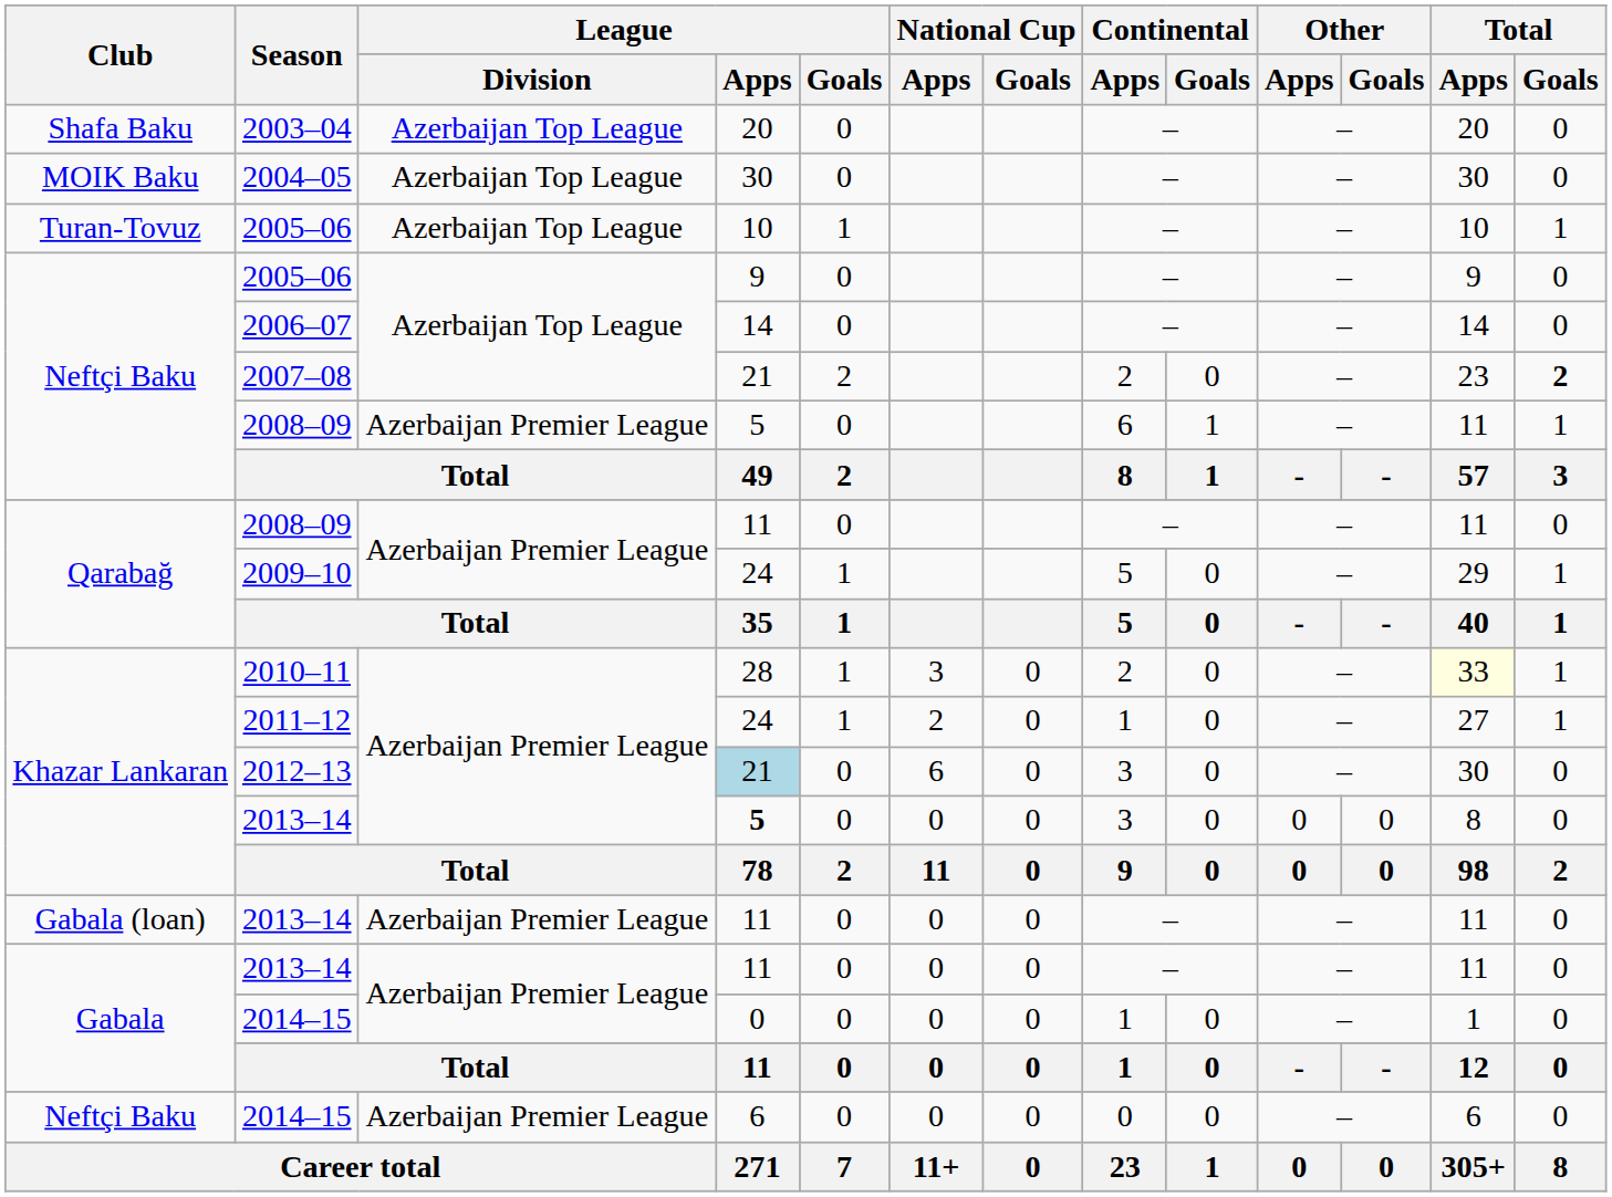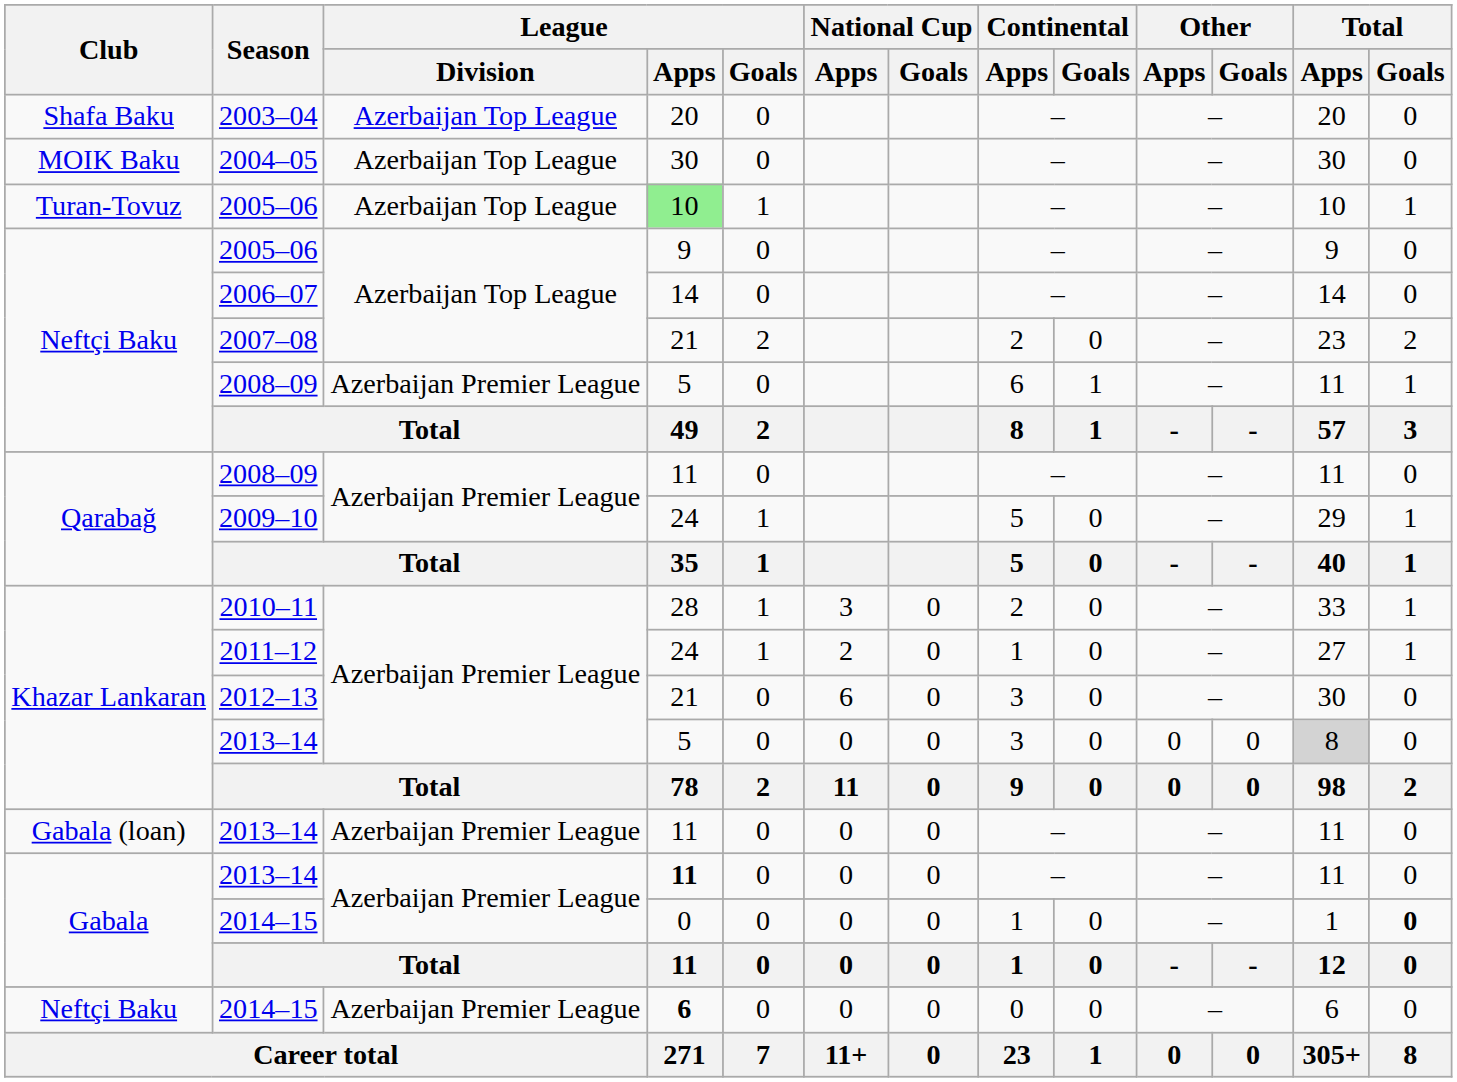 <table class="wikitable" style="text-align: center">
 <tr>
 <th rowspan="2">Club</th>
 <th rowspan="2">Season</th>
 <th colspan="3">League</th>
 <th colspan="2">National Cup</th>
 <th colspan="2">Continental</th>
 <th colspan="2">Other</th>
 <th colspan="2">Total</th>
 </tr>
 <tr>
 <th>Division</th>
 <th>Apps</th>
 <th>Goals</th>
 <th>Apps</th>
 <th>Goals</th>
 <th>Apps</th>
 <th>Goals</th>
 <th>Apps</th>
 <th>Goals</th>
 <th>Apps</th>
 <th>Goals</th>
 </tr>
 <tr>
 <td><a href='#'>Shafa Baku</a></td>
 <td><a href='#'>2003–04</a></td>
 <td><a href='#'>Azerbaijan Top League</a></td>
 <td>20</td>
 <td>0</td>
 <td></td>
 <td></td>
 <td colspan="2">–</td>
 <td colspan="2">–</td>
 <td>20</td>
 <td>0</td>
 </tr>
 <tr>
 <td><a href='#'>MOIK Baku</a></td>
 <td><a href='#'>2004–05</a></td>
 <td>Azerbaijan Top League</td>
 <td>30</td>
 <td>0</td>
 <td></td>
 <td></td>
 <td colspan="2">–</td>
 <td colspan="2">–</td>
 <td>30</td>
 <td>0</td>
 </tr>
 <tr>
 <td><a href='#'>Turan-Tovuz</a></td>
 <td><a href='#'>2005–06</a></td>
 <td>Azerbaijan Top League</td>
-<td>10</td>
+<td style="background: lightgreen;">10</td>
 <td>1</td>
 <td></td>
 <td></td>
 <td colspan="2">–</td>
 <td colspan="2">–</td>
 <td>10</td>
 <td>1</td>
 </tr>
 <tr>
 <td rowspan="5"><a href='#'>Neftçi Baku</a></td>
 <td><a href='#'>2005–06</a></td>
 <td rowspan="3">Azerbaijan Top League</td>
 <td>9</td>
 <td>0</td>
 <td></td>
 <td></td>
 <td colspan="2">–</td>
 <td colspan="2">–</td>
 <td>9</td>
 <td>0</td>
 </tr>
 <tr>
 <td><a href='#'>2006–07</a></td>
 <td>14</td>
 <td>0</td>
 <td></td>
 <td></td>
 <td colspan="2">–</td>
 <td colspan="2">–</td>
 <td>14</td>
 <td>0</td>
 </tr>
 <tr>
 <td><a href='#'>2007–08</a></td>
 <td>21</td>
 <td>2</td>
 <td></td>
 <td></td>
 <td>2</td>
 <td>0</td>
 <td colspan="2">–</td>
 <td>23</td>
-<td><strong>2</strong></td>
+<td>2</td>
 </tr>
 <tr>
 <td><a href='#'>2008–09</a></td>
 <td rowspan="1">Azerbaijan Premier League</td>
 <td>5</td>
 <td>0</td>
 <td></td>
 <td></td>
 <td>6</td>
 <td>1</td>
 <td colspan="2">–</td>
 <td>11</td>
 <td>1</td>
 </tr>
 <tr>
 <th colspan="2">Total</th>
 <th>49</th>
 <th>2</th>
 <th></th>
 <th></th>
 <th>8</th>
 <th>1</th>
 <th>-</th>
 <th>-</th>
 <th>57</th>
 <th>3</th>
 </tr>
 <tr>
 <td rowspan="3"><a href='#'>Qarabağ</a></td>
 <td><a href='#'>2008–09</a></td>
 <td rowspan="2">Azerbaijan Premier League</td>
 <td>11</td>
 <td>0</td>
 <td></td>
 <td></td>
 <td colspan="2">–</td>
 <td colspan="2">–</td>
 <td>11</td>
 <td>0</td>
 </tr>
 <tr>
 <td><a href='#'>2009–10</a></td>
 <td>24</td>
 <td>1</td>
 <td></td>
 <td></td>
 <td>5</td>
 <td>0</td>
 <td colspan="2">–</td>
 <td>29</td>
 <td>1</td>
 </tr>
 <tr>
 <th colspan="2">Total</th>
 <th>35</th>
 <th>1</th>
 <th></th>
 <th></th>
 <th>5</th>
 <th>0</th>
 <th>-</th>
 <th>-</th>
 <th>40</th>
 <th>1</th>
 </tr>
 <tr>
 <td rowspan="5"><a href='#'>Khazar Lankaran</a></td>
 <td><a href='#'>2010–11</a></td>
 <td rowspan="4">Azerbaijan Premier League</td>
 <td>28</td>
 <td>1</td>
 <td>3</td>
 <td>0</td>
 <td>2</td>
 <td>0</td>
 <td colspan="2">–</td>
-<td style="background: lightyellow;">33</td>
+<td>33</td>
 <td>1</td>
 </tr>
 <tr>
 <td><a href='#'>2011–12</a></td>
 <td>24</td>
 <td>1</td>
 <td>2</td>
 <td>0</td>
 <td>1</td>
 <td>0</td>
 <td colspan="2">–</td>
 <td>27</td>
 <td>1</td>
 </tr>
 <tr>
 <td><a href='#'>2012–13</a></td>
-<td style="background: lightblue;">21</td>
+<td>21</td>
 <td>0</td>
 <td>6</td>
 <td>0</td>
 <td>3</td>
 <td>0</td>
 <td colspan="2">–</td>
 <td>30</td>
 <td>0</td>
 </tr>
 <tr>
 <td><a href='#'>2013–14</a></td>
-<td><strong>5</strong></td>
+<td>5</td>
 <td>0</td>
 <td>0</td>
 <td>0</td>
 <td>3</td>
 <td>0</td>
 <td>0</td>
 <td>0</td>
-<td>8</td>
+<td style="background: lightgrey;">8</td>
 <td>0</td>
 </tr>
 <tr>
 <th colspan="2">Total</th>
 <th>78</th>
 <th>2</th>
 <th>11</th>
 <th>0</th>
 <th>9</th>
 <th>0</th>
 <th>0</th>
 <th>0</th>
 <th>98</th>
 <th>2</th>
 </tr>
 <tr>
 <td><a href='#'>Gabala</a> (loan)</td>
 <td><a href='#'>2013–14</a></td>
 <td>Azerbaijan Premier League</td>
 <td>11</td>
 <td>0</td>
 <td>0</td>
 <td>0</td>
 <td colspan="2">–</td>
 <td colspan="2">–</td>
 <td>11</td>
 <td>0</td>
 </tr>
 <tr>
 <td rowspan="3"><a href='#'>Gabala</a></td>
 <td><a href='#'>2013–14</a></td>
 <td rowspan="2">Azerbaijan Premier League</td>
-<td>11</td>
+<td><strong>11</strong></td>
 <td>0</td>
 <td>0</td>
 <td>0</td>
 <td colspan="2">–</td>
 <td colspan="2">–</td>
 <td>11</td>
 <td>0</td>
 </tr>
 <tr>
 <td><a href='#'>2014–15</a></td>
 <td>0</td>
 <td>0</td>
 <td>0</td>
 <td>0</td>
 <td>1</td>
 <td>0</td>
 <td colspan="2">–</td>
 <td>1</td>
-<td>0</td>
+<td><strong>0</strong></td>
 </tr>
 <tr>
 <th colspan="2">Total</th>
 <th>11</th>
 <th>0</th>
 <th>0</th>
 <th>0</th>
 <th>1</th>
 <th>0</th>
 <th>-</th>
 <th>-</th>
 <th>12</th>
 <th>0</th>
 </tr>
 <tr>
 <td><a href='#'>Neftçi Baku</a></td>
 <td><a href='#'>2014–15</a></td>
 <td>Azerbaijan Premier League</td>
-<td>6</td>
+<td><strong>6</strong></td>
 <td>0</td>
 <td>0</td>
 <td>0</td>
 <td>0</td>
 <td>0</td>
 <td colspan="2">–</td>
 <td>6</td>
 <td>0</td>
 </tr>
 <tr>
 <th colspan="3">Career total</th>
 <th>271</th>
 <th>7</th>
 <th>11+</th>
 <th>0</th>
 <th>23</th>
 <th>1</th>
 <th>0</th>
 <th>0</th>
 <th>305+</th>
 <th>8</th>
 </tr>
 </table>
